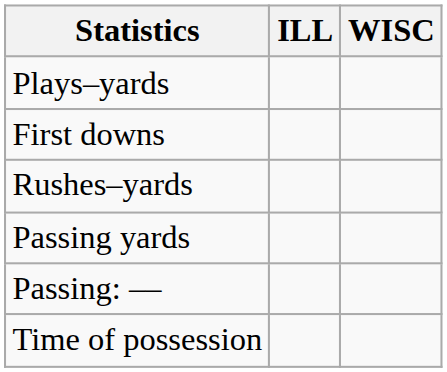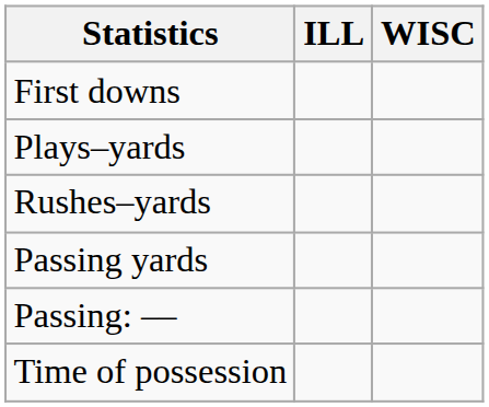 <table class="wikitable" style="float:left">
 <tr>
 <th>Statistics</th>
 <th>ILL</th>
 <th>WISC</th>
 </tr>
 <tr>
-<td>Plays–yards</td>
+<td>First downs</td>
 <td></td>
 <td></td>
 </tr>
 <tr>
-<td>First downs</td>
+<td>Plays–yards</td>
 <td></td>
 <td></td>
 </tr>
 <tr>
 <td>Rushes–yards</td>
 <td></td>
 <td></td>
 </tr>
 <tr>
 <td>Passing yards</td>
 <td></td>
 <td></td>
 </tr>
 <tr>
 <td>Passing: ––</td>
 <td></td>
 <td></td>
 </tr>
 <tr>
 <td>Time of possession</td>
 <td></td>
 <td></td>
 </tr>
 </table>
